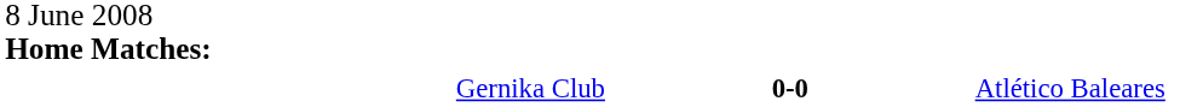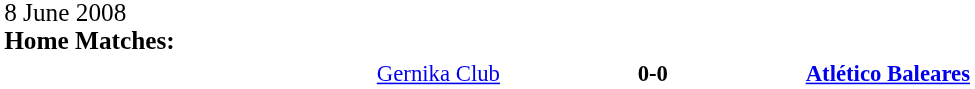 <table width=100% cellspacing=1>
 <tr>
 <th width=20%></th>
 <th width=12%></th>
 <th width=20%></th>
 <th></th>
 </tr>
 <tr>
 <td>8 June 2008<br><strong>Home Matches:</strong></td>
 </tr>
 <tr style=font-size:90%>
 <td align=right><a href='#'>Gernika Club</a></td>
 <td align=center><strong>0-0</strong></td>
-<td><a href='#'>Atlético Baleares</a></td>
+<td><strong><a href='#'>Atlético Baleares</a></strong></td>
 </tr>
 </table>
